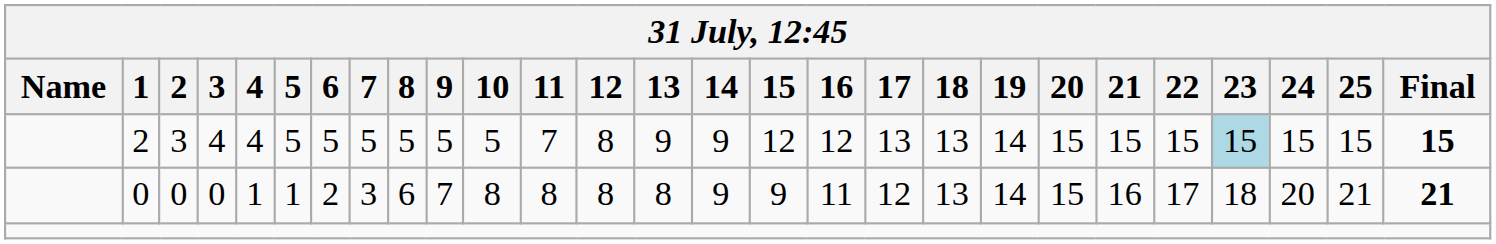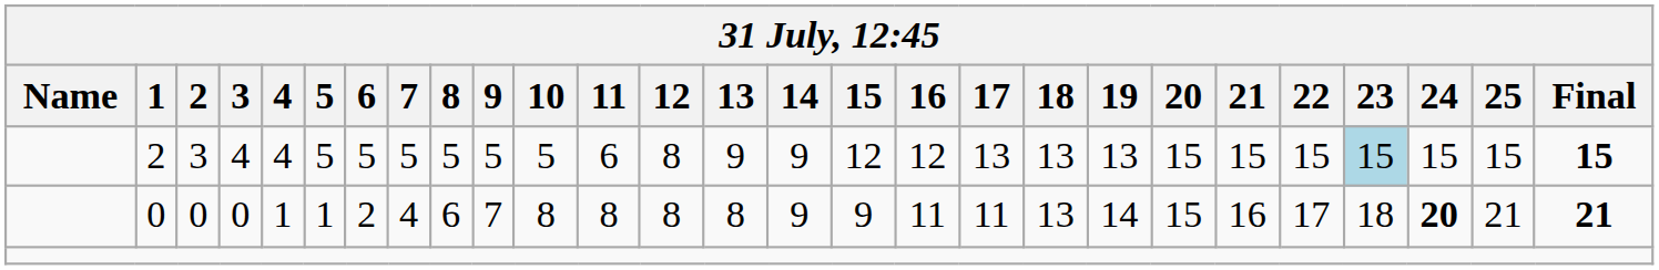 <table class=wikitable style="text-align:center; width: 55%">
 <tr>
 <th colspan=27><em>31 July, 12:45</em></th>
 </tr>
 <tr>
 <th>Name</th>
 <th>1</th>
 <th>2</th>
 <th>3</th>
 <th>4</th>
 <th>5</th>
 <th>6</th>
 <th>7</th>
 <th>8</th>
 <th>9</th>
 <th>10</th>
 <th>11</th>
 <th>12</th>
 <th>13</th>
 <th>14</th>
 <th>15</th>
 <th>16</th>
 <th>17</th>
 <th>18</th>
 <th>19</th>
 <th>20</th>
 <th>21</th>
 <th>22</th>
 <th>23</th>
 <th>24</th>
 <th>25</th>
 <th>Final</th>
 </tr>
 <tr>
 <td align=left></td>
 <td>2</td>
 <td>3</td>
 <td>4</td>
 <td>4</td>
 <td>5</td>
 <td>5</td>
 <td>5</td>
 <td>5</td>
 <td>5</td>
 <td>5</td>
-<td>7</td>
+<td>6</td>
 <td>8</td>
 <td>9</td>
 <td>9</td>
 <td>12</td>
 <td>12</td>
 <td>13</td>
 <td>13</td>
-<td>14</td>
+<td>13</td>
 <td>15</td>
 <td>15</td>
 <td>15</td>
 <td style="background: lightblue;">15</td>
 <td>15</td>
 <td>15</td>
 <td><strong>15</strong></td>
 </tr>
 <tr>
 <td align=left><strong></strong></td>
 <td>0</td>
 <td>0</td>
 <td>0</td>
 <td>1</td>
 <td>1</td>
 <td>2</td>
-<td>3</td>
+<td>4</td>
 <td>6</td>
 <td>7</td>
 <td>8</td>
 <td>8</td>
 <td>8</td>
 <td>8</td>
 <td>9</td>
 <td>9</td>
 <td>11</td>
-<td>12</td>
+<td>11</td>
 <td>13</td>
 <td>14</td>
 <td>15</td>
 <td>16</td>
 <td>17</td>
 <td>18</td>
-<td>20</td>
+<td><strong>20</strong></td>
 <td>21</td>
 <td><strong>21</strong></td>
 </tr>
 <tr>
 <td colspan=27></td>
 </tr>
 </table>
